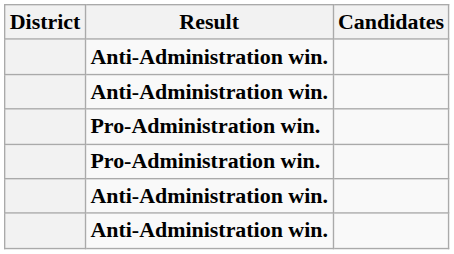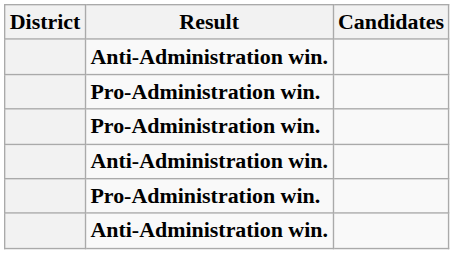 <table class=wikitable>
 <tr valign=bottom>
 <th>District</th>
 <th>Result</th>
 <th>Candidates</th>
-</tr>
-<tr>
-<th></th>
-<td><strong>Anti-Administration win.</strong></td>
-<td nowrap></td>
 </tr>
 <tr>
 <th></th>
 <td><strong>Anti-Administration win.</strong></td>
 <td nowrap></td>
 </tr>
 <tr>
 <th></th>
 <td><strong>Pro-Administration win.</strong></td>
 <td nowrap></td>
 </tr>
 <tr>
 <th></th>
 <td><strong>Pro-Administration win.</strong></td>
 <td nowrap></td>
 </tr>
 <tr>
 <th></th>
 <td><strong>Anti-Administration win.</strong></td>
 <td nowrap></td>
 </tr>
 <tr>
 <th></th>
+<td><strong>Pro-Administration win.</strong></td>
+<td nowrap></td>
+</tr>
+<tr>
+<th></th>
 <td><strong>Anti-Administration win.</strong></td>
 <td nowrap></td>
 </tr>
 </table>
